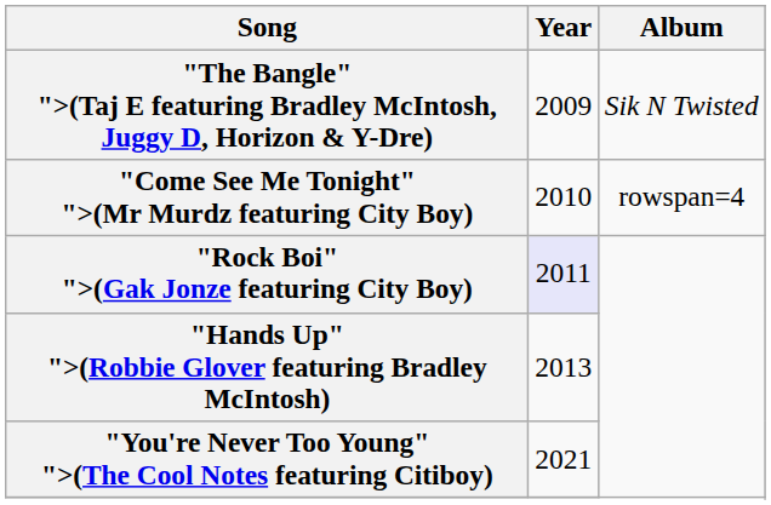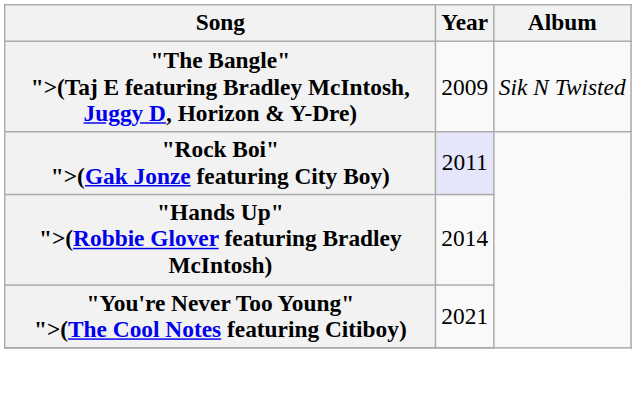 <table class="wikitable plainrowheaders" style="text-align:center;" border="1">
 <tr>
 <th scope="col" style="width:18em;">Song</th>
 <th scope="col">Year</th>
 <th scope="col">Album</th>
 </tr>
 <tr>
 <th scope="row">"The Bangle" <br><span>">(Taj E featuring Bradley McIntosh, <a href='#'>Juggy D</a>, Horizon & Y-Dre)</span></th>
 <td>2009</td>
 <td><em>Sik N Twisted</em></td>
 </tr>
 <tr>
-<th scope="row">"Come See Me Tonight"<br><span>">(Mr Murdz featuring City Boy)</span></th>
-<td>2010</td>
-<td>rowspan=4 </td>
-</tr>
-<tr>
 <th scope="row">"Rock Boi"<br><span>">(<a href='#'>Gak Jonze</a> featuring City Boy)</span></th>
 <td style="background: lavender;">2011</td>
 </tr>
 <tr>
 <th scope="row">"Hands Up"<br><span>">(<a href='#'>Robbie Glover</a> featuring Bradley McIntosh)</span></th>
-<td>2013</td>
+<td>2014</td>
 </tr>
 <tr>
 <th scope="row">"You're Never Too Young"<br><span>">(<a href='#'>The Cool Notes</a> featuring Citiboy)</span></th>
 <td>2021</td>
 </tr>
 <tr>
 </tr>
 </table>
